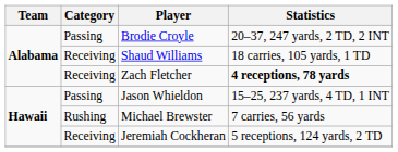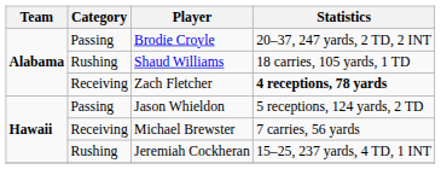 <table class="wikitable" style="float: right;">
 <tr>
 <th>Team</th>
 <th>Category</th>
 <th>Player</th>
 <th>Statistics</th>
 </tr>
 <tr>
 <td rowspan=3><strong>Alabama</strong></td>
 <td>Passing</td>
 <td><a href='#'>Brodie Croyle</a></td>
 <td>20–37, 247 yards, 2 TD, 2 INT</td>
 </tr>
 <tr>
-<td>Receiving</td>
+<td>Rushing</td>
 <td><a href='#'>Shaud Williams</a></td>
 <td>18 carries, 105 yards, 1 TD</td>
 </tr>
 <tr>
 <td>Receiving</td>
 <td>Zach Fletcher</td>
 <td><strong>4 receptions, 78 yards</strong></td>
 </tr>
 <tr>
 <td rowspan=3><strong>Hawaii</strong></td>
 <td>Passing</td>
 <td>Jason Whieldon</td>
-<td>15–25, 237 yards, 4 TD, 1 INT</td>
+<td>5 receptions, 124 yards, 2 TD</td>
 </tr>
 <tr>
-<td>Rushing</td>
+<td>Receiving</td>
 <td>Michael Brewster</td>
 <td>7 carries, 56 yards</td>
 </tr>
 <tr>
-<td>Receiving</td>
+<td>Rushing</td>
 <td>Jeremiah Cockheran</td>
-<td>5 receptions, 124 yards, 2 TD</td>
+<td>15–25, 237 yards, 4 TD, 1 INT</td>
 </tr>
 <tr>
 </tr>
 </table>
